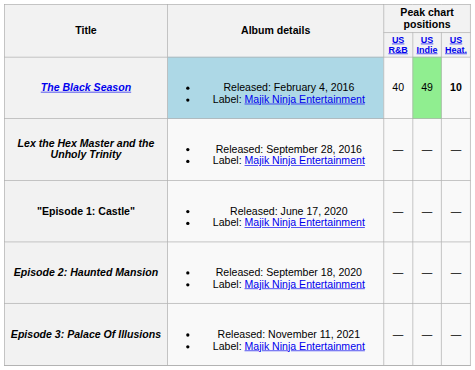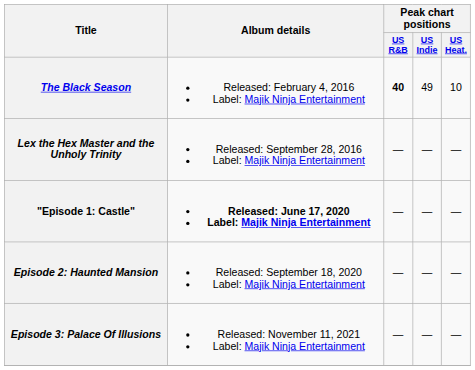 <table class="wikitable plainrowheaders" style="text-align:center;" border="1">
 <tr>
 <th scope="col" rowspan="2" style="width:15em;">Title</th>
 <th scope="col" rowspan="2" style="width:20em;">Album details</th>
 <th colspan="3">Peak chart positions</th>
 </tr>
 <tr>
 <th scope="col" style="width:2.75em;font-size:85%;"><a href='#'>US<br>R&B</a><br></th>
 <th scope="col" style="width:2.75em;font-size:85%;"><a href='#'>US<br>Indie</a><br></th>
 <th scope="col" style="width:2.75em;font-size:85%;"><a href='#'>US Heat.</a><br></th>
 </tr>
 <tr>
 <th scope="row"><em><a href='#'>The Black Season</a></em></th>
-<td style="background: lightblue;"><br><ul><li>Released: February 4, 2016</li><li>Label: <a href='#'>Majik Ninja Entertainment</a></li></ul></td>
-<td>40</td>
-<td style="background: lightgreen;">49</td>
-<td><strong>10</strong></td>
+<td><br><ul><li>Released: February 4, 2016</li><li>Label: <a href='#'>Majik Ninja Entertainment</a></li></ul></td>
+<td><strong>40</strong></td>
+<td>49</td>
+<td>10</td>
 </tr>
 <tr>
 <th scope="row"><em>Lex the Hex Master and the Unholy Trinity</em></th>
 <td><br><ul><li>Released: September 28, 2016</li><li>Label: <a href='#'>Majik Ninja Entertainment</a></li></ul></td>
 <td>—</td>
 <td>—</td>
 <td>—</td>
 </tr>
 <tr>
 <th scope="row">"Episode 1: Castle"</th>
-<td><br><ul><li>Released: June 17, 2020</li><li>Label: <a href='#'>Majik Ninja Entertainment</a></li></ul></td>
+<td><strong><br><ul><li>Released: June 17, 2020</li><li>Label: <a href='#'>Majik Ninja Entertainment</a></li></ul></strong></td>
 <td>—</td>
 <td>—</td>
 <td>—</td>
 </tr>
 <tr>
 <th scope="row"><em>Episode 2: Haunted Mansion</em></th>
 <td><br><ul><li>Released: September 18, 2020</li><li>Label: <a href='#'>Majik Ninja Entertainment</a></li></ul></td>
 <td>—</td>
 <td>—</td>
 <td>—</td>
 </tr>
 <tr>
 <th scope="row"><em>Episode 3: Palace Of Illusions</em></th>
 <td><br><ul><li>Released: November 11, 2021</li><li>Label: <a href='#'>Majik Ninja Entertainment</a></li></ul></td>
 <td>—</td>
 <td>—</td>
 <td>—</td>
 </tr>
 <tr>
 </tr>
 </table>
